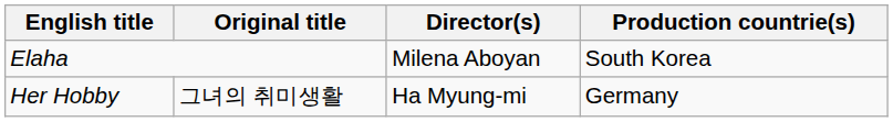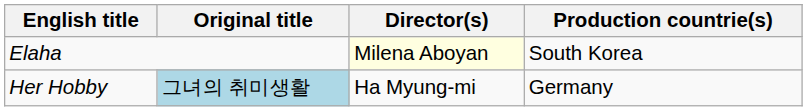 <table class="sortable wikitable" style="width:100%; margin-bottom:4px">
 <tr>
 <th scope="col">English title</th>
 <th scope="col">Original title</th>
 <th scope="col">Director(s)</th>
 <th scope="col">Production countrie(s)</th>
 </tr>
 <tr>
 <td colspan="2"><em>Elaha</em></td>
-<td>Milena Aboyan</td>
+<td style="background: lightyellow;">Milena Aboyan</td>
 <td>South Korea</td>
 </tr>
 <tr>
 <td><em>Her Hobby</em></td>
-<td>그녀의 취미생활</td>
+<td style="background: lightblue;">그녀의 취미생활</td>
 <td>Ha Myung-mi</td>
 <td>Germany</td>
 </tr>
 </table>
